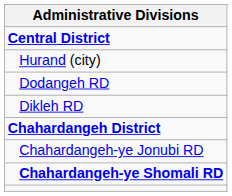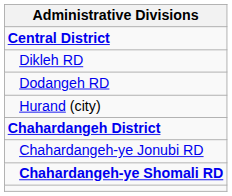 <table class="wikitable">
 <tr>
 <th>Administrative Divisions</th>
 </tr>
 <tr>
 <td><strong><a href='#'>Central District</a></strong></td>
 </tr>
 <tr>
-<td style="padding-left: 1em;"><a href='#'>Hurand</a> (city)</td>
+<td style="padding-left: 1em;"><a href='#'>Dikleh RD</a></td>
 </tr>
 <tr>
 <td style="padding-left: 1em;"><a href='#'>Dodangeh RD</a></td>
 </tr>
 <tr>
-<td style="padding-left: 1em;"><a href='#'>Dikleh RD</a></td>
+<td style="padding-left: 1em;"><a href='#'>Hurand</a> (city)</td>
 </tr>
 <tr>
 <td><strong><a href='#'>Chahardangeh District</a></strong></td>
 </tr>
 <tr>
 <td style="padding-left: 1em;"><a href='#'>Chahardangeh-ye Jonubi RD</a></td>
 </tr>
 <tr>
 <td style="padding-left: 1em;"><strong><a href='#'>Chahardangeh-ye Shomali RD</a></strong></td>
 </tr>
 <tr>
 <td colspan=1></td>
 </tr>
 </table>
